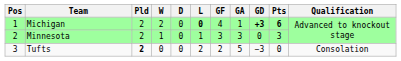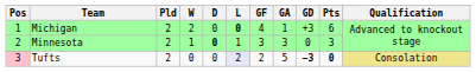 <table class="wikitable" style="text-align:center; margin: 1em auto">
 <tr>
 <th style=width:2em>Pos</th>
 <th style=width:13em>Team</th>
 <th style=width:2em>Pld</th>
 <th style=width:2em>W</th>
 <th style=width:2em>D</th>
 <th style=width:2em>L</th>
 <th style=width:2em>GF</th>
 <th style=width:2em>GA</th>
 <th style=width:2em>GD</th>
 <th style=width:2em>Pts</th>
 <th style=width:13em>Qualification</th>
 </tr>
 <tr bgcolor="#9eff9e">
 <td>1</td>
 <td style="text-align:left">Michigan</td>
 <td>2</td>
 <td>2</td>
 <td>0</td>
 <td><strong>0</strong></td>
 <td>4</td>
 <td>1</td>
-<td><strong>+3</strong></td>
-<td><strong>6</strong></td>
+<td>+3</td>
+<td>6</td>
 <td rowspan="2">Advanced to knockout stage</td>
 </tr>
 <tr bgcolor="#9eff9e">
 <td>2</td>
 <td style="text-align:left">Minnesota</td>
 <td>2</td>
 <td>1</td>
-<td>0</td>
+<td><strong>0</strong></td>
 <td>1</td>
 <td>3</td>
 <td>3</td>
 <td>0</td>
 <td>3</td>
 </tr>
 <tr>
-<td>3</td>
+<td style="background: pink;">3</td>
 <td style="text-align:left">Tufts</td>
-<td><strong>2</strong></td>
+<td>2</td>
 <td>0</td>
 <td>0</td>
-<td>2</td>
+<td style="background: lavender;">2</td>
 <td>2</td>
 <td>5</td>
-<td>−3</td>
-<td>0</td>
-<td>Consolation</td>
+<td><strong>−3</strong></td>
+<td><strong>0</strong></td>
+<td style="background: khaki;">Consolation</td>
 </tr>
 </table>
